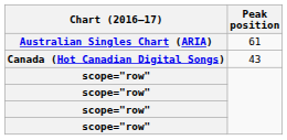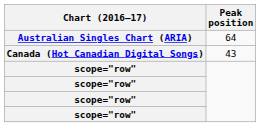 <table class="wikitable sortable plainrowheaders">
 <tr>
 <th>Chart (2016–17)</th>
 <th>Peak<br>position</th>
 </tr>
 <tr>
 <th scope="row"><a href='#'>Australian Singles Chart</a> (<a href='#'>ARIA</a>)</th>
-<td align=center>61</td>
+<td align=center>64</td>
 </tr>
 <tr>
 <th scope="row">Canada (<a href='#'>Hot Canadian Digital Songs</a>)</th>
 <td align=center>43</td>
 </tr>
 <tr>
 <th>scope="row"</th>
 </tr>
 <tr>
 <th>scope="row"</th>
 </tr>
 <tr>
 <th>scope="row"</th>
 </tr>
 <tr>
 <th>scope="row"</th>
 </tr>
 </table>
